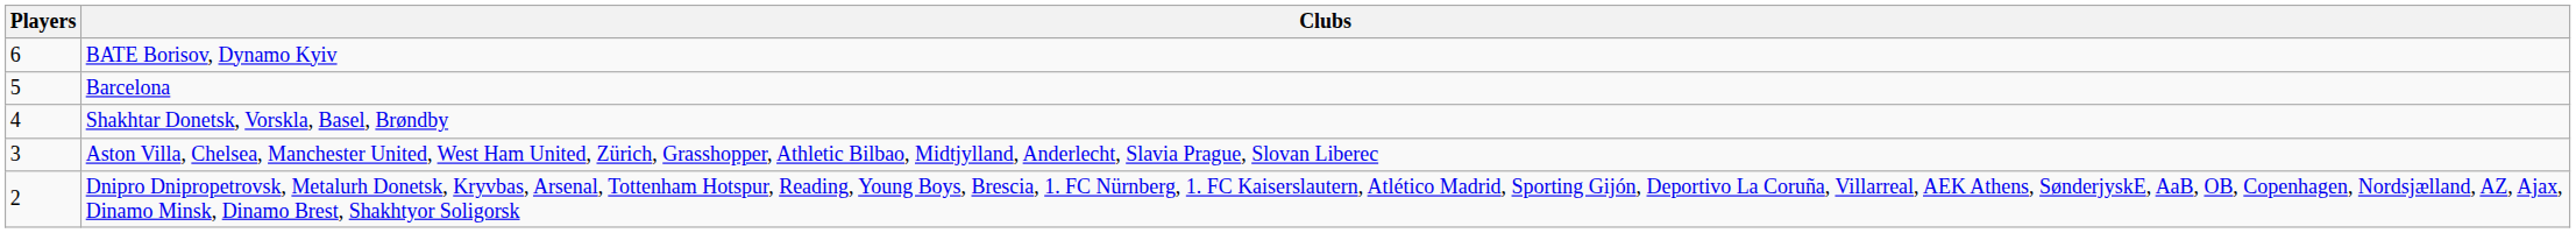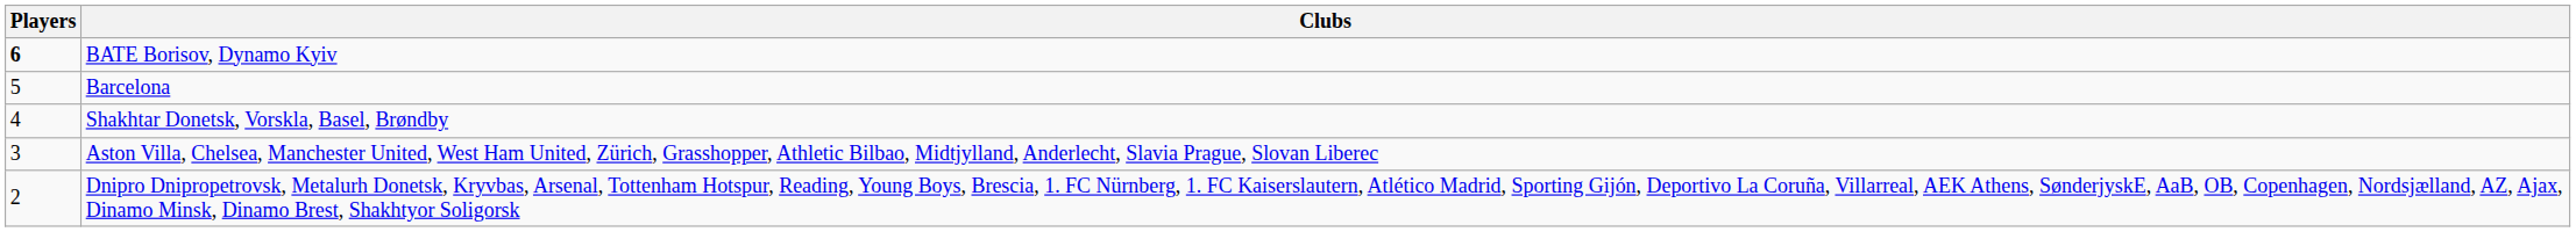 <table class="wikitable">
 <tr>
 <th>Players</th>
 <th>Clubs</th>
 </tr>
 <tr>
-<td>6</td>
+<td><strong>6</strong></td>
 <td> <a href='#'>BATE Borisov</a>,  <a href='#'>Dynamo Kyiv</a></td>
 </tr>
 <tr>
 <td>5</td>
 <td> <a href='#'>Barcelona</a></td>
 </tr>
 <tr>
 <td>4</td>
 <td> <a href='#'>Shakhtar Donetsk</a>,  <a href='#'>Vorskla</a>,  <a href='#'>Basel</a>,  <a href='#'>Brøndby</a></td>
 </tr>
 <tr>
 <td>3</td>
 <td> <a href='#'>Aston Villa</a>,  <a href='#'>Chelsea</a>,  <a href='#'>Manchester United</a>,  <a href='#'>West Ham United</a>,  <a href='#'>Zürich</a>,  <a href='#'>Grasshopper</a>,  <a href='#'>Athletic Bilbao</a>,  <a href='#'>Midtjylland</a>,  <a href='#'>Anderlecht</a>,  <a href='#'>Slavia Prague</a>,  <a href='#'>Slovan Liberec</a></td>
 </tr>
 <tr>
 <td>2</td>
 <td> <a href='#'>Dnipro Dnipropetrovsk</a>,  <a href='#'>Metalurh Donetsk</a>,  <a href='#'>Kryvbas</a>,  <a href='#'>Arsenal</a>,  <a href='#'>Tottenham Hotspur</a>,  <a href='#'>Reading</a>,  <a href='#'>Young Boys</a>,  <a href='#'>Brescia</a>,  <a href='#'>1. FC Nürnberg</a>,  <a href='#'>1. FC Kaiserslautern</a>,  <a href='#'>Atlético Madrid</a>,  <a href='#'>Sporting Gijón</a>,  <a href='#'>Deportivo La Coruña</a>,  <a href='#'>Villarreal</a>,  <a href='#'>AEK Athens</a>,  <a href='#'>SønderjyskE</a>,  <a href='#'>AaB</a>,  <a href='#'>OB</a>,  <a href='#'>Copenhagen</a>,  <a href='#'>Nordsjælland</a>,  <a href='#'>AZ</a>,  <a href='#'>Ajax</a>,  <a href='#'>Dinamo Minsk</a>,  <a href='#'>Dinamo Brest</a>,  <a href='#'>Shakhtyor Soligorsk</a></td>
 </tr>
 </table>
